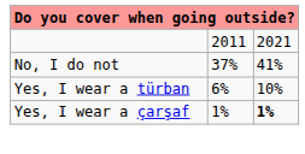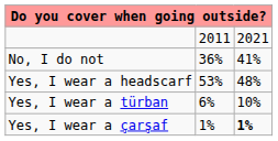 <table class="wikitable" border="1px black" style="float:right; margin-center:1em">
 <tr>
 <th colspan="3" style="background:#f99;">Do you cover when going outside?</th>
 </tr>
 <tr Answers>
 <td></td>
 <td>2011</td>
 <td>2021</td>
 </tr>
 <tr>
 <td>No, I do not</td>
-<td>37%</td>
+<td>36%</td>
 <td>41%</td>
+</tr>
+<tr>
+<td>Yes, I wear a headscarf</td>
+<td>53%</td>
+<td>48%</td>
 </tr>
 <tr>
 <td>Yes, I wear a <a href='#'>türban</a></td>
 <td>6%</td>
 <td>10%</td>
 </tr>
 <tr>
 <td>Yes, I wear a <a href='#'>çarşaf</a></td>
 <td>1%</td>
 <td><strong>1%</strong></td>
 </tr>
 </table>
